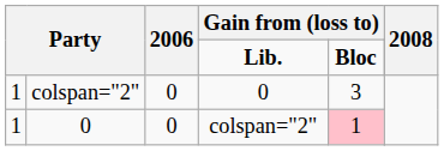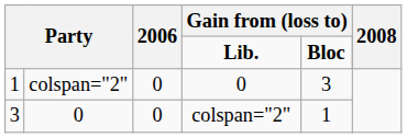 <table class="wikitable" style="text-align:center" align="center">
 <tr>
 <th rowspan="2" colspan="2">Party</th>
 <th rowspan="2">2006</th>
 <th colspan="4">Gain from (loss to)</th>
 <th rowspan="2">2008</th>
 </tr>
 <tr>
 <td><strong>Lib.</strong></td>
 <td><strong>Bloc</strong></td>
 </tr>
 <tr>
 <td>1</td>
 <td>colspan="2" </td>
 <td>0</td>
 <td>0</td>
 <td>3</td>
 </tr>
 <tr>
-<td>1</td>
+<td>3</td>
 <td>0</td>
 <td>0</td>
 <td>colspan="2" </td>
-<td style="background: pink;">1</td>
+<td>1</td>
 </tr>
 </table>
